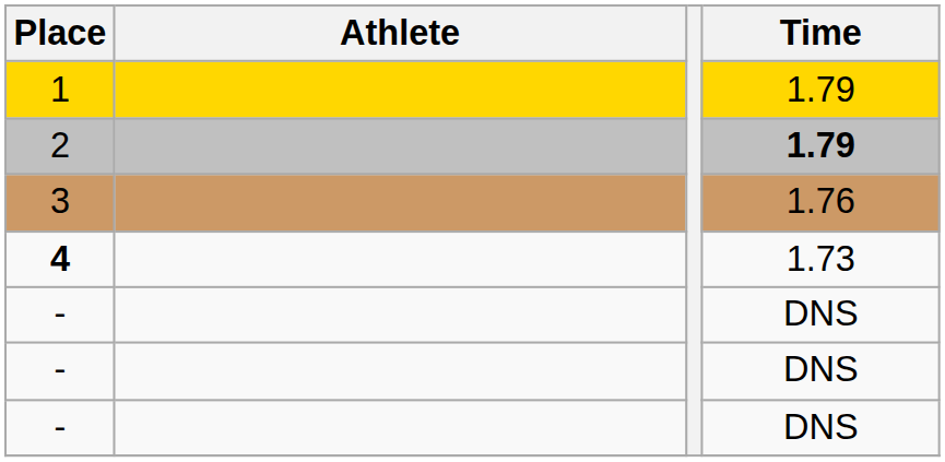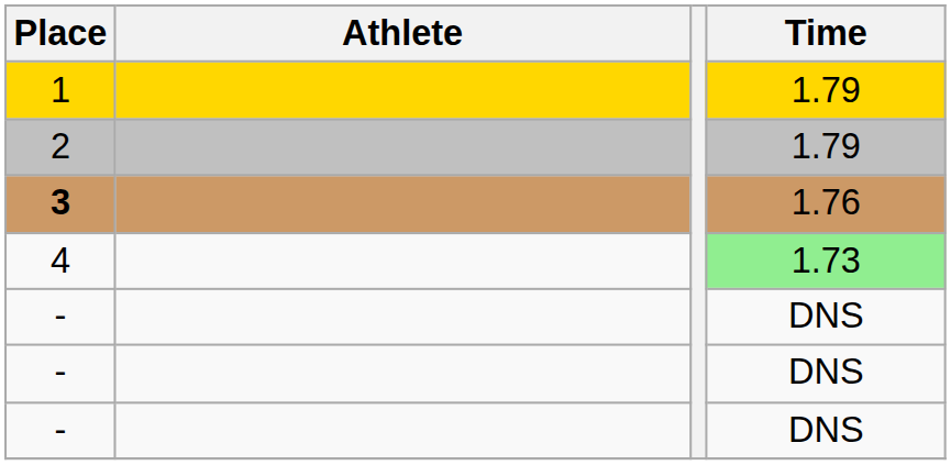 <table class="wikitable" style="text-align:center">
 <tr>
 <th>Place</th>
 <th width=250>Athlete</th>
 <th rowspan=27></th>
 <th width=100>Time</th>
 </tr>
 <tr bgcolor=gold>
 <td>1</td>
 <td align=left></td>
 <td>1.79</td>
 </tr>
 <tr bgcolor=silver>
 <td>2</td>
 <td align=left></td>
-<td><strong>1.79</strong></td>
+<td>1.79</td>
 </tr>
 <tr bgcolor=cc9966>
-<td>3</td>
+<td><strong>3</strong></td>
 <td align=left></td>
 <td>1.76</td>
 </tr>
 <tr>
-<td><strong>4</strong></td>
+<td>4</td>
 <td align=left></td>
-<td>1.73</td>
+<td style="background: lightgreen;">1.73</td>
 </tr>
 <tr>
 <td>-</td>
 <td align=left></td>
 <td>DNS</td>
 </tr>
 <tr>
 <td>-</td>
 <td align=left></td>
 <td>DNS</td>
 </tr>
 <tr>
 <td>-</td>
 <td align=left></td>
 <td>DNS</td>
 </tr>
 <tr>
 </tr>
 </table>
